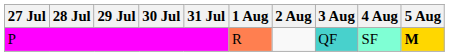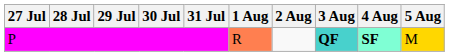 <table class="wikitable olympic-schedule Badminton">
 <tr>
 <th>27 Jul</th>
 <th>28 Jul</th>
 <th>29 Jul</th>
 <th>30 Jul</th>
 <th>31 Jul</th>
 <th>1 Aug</th>
 <th>2 Aug</th>
 <th>3 Aug</th>
 <th>4 Aug</th>
 <th>5 Aug</th>
 </tr>
 <tr>
 <td class="event" colspan=5 bgcolor="#FF00FF" class="prelims">P</td>
 <td bgcolor="#FF7F50" class="roundof16">R</td>
 <td></td>
-<td bgcolor="#48D1CC" class="quarterfinals">QF</td>
-<td bgcolor="#7FFFD4" class="semifinals">SF</td>
-<td bgcolor="gold" class="finals"><strong>M</strong></td>
+<td bgcolor="#48D1CC" class="quarterfinals"><strong>QF</strong></td>
+<td bgcolor="#7FFFD4" class="semifinals"><strong>SF</strong></td>
+<td bgcolor="gold" class="finals">M</td>
 </tr>
 </table>
